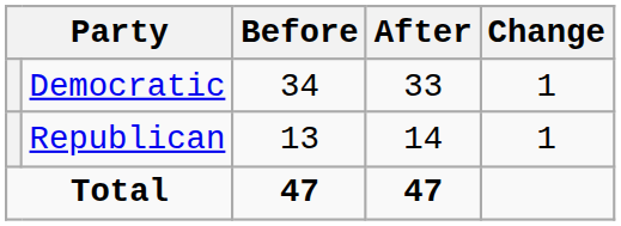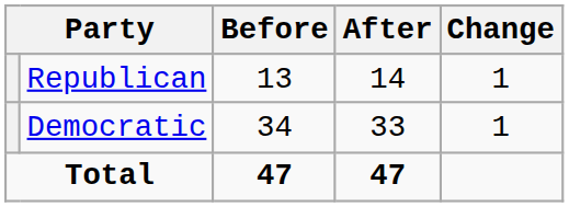 <table class="wikitable" style="text-align:center;">
 <tr>
 <th colspan="2">Party</th>
 <th>Before</th>
 <th>After</th>
 <th>Change</th>
 </tr>
 <tr>
 <th style="background-color:"></th>
-<td style="text-align:left;"><a href='#'>Democratic</a></td>
-<td>34</td>
-<td>33</td>
+<td style="text-align:left;"><a href='#'>Republican</a></td>
+<td>13</td>
+<td>14</td>
 <td> 1</td>
 </tr>
 <tr>
 <th style="background-color:"></th>
-<td style="text-align:left;"><a href='#'>Republican</a></td>
-<td>13</td>
-<td>14</td>
+<td style="text-align:left;"><a href='#'>Democratic</a></td>
+<td>34</td>
+<td>33</td>
 <td> 1</td>
 </tr>
 <tr>
 <td colspan="2"><strong>Total</strong></td>
 <td><strong>47</strong></td>
 <td><strong>47</strong></td>
 <td></td>
 </tr>
 </table>
